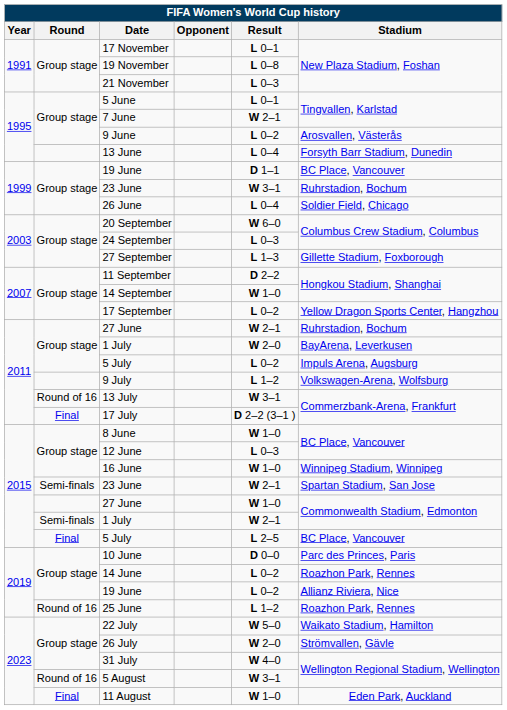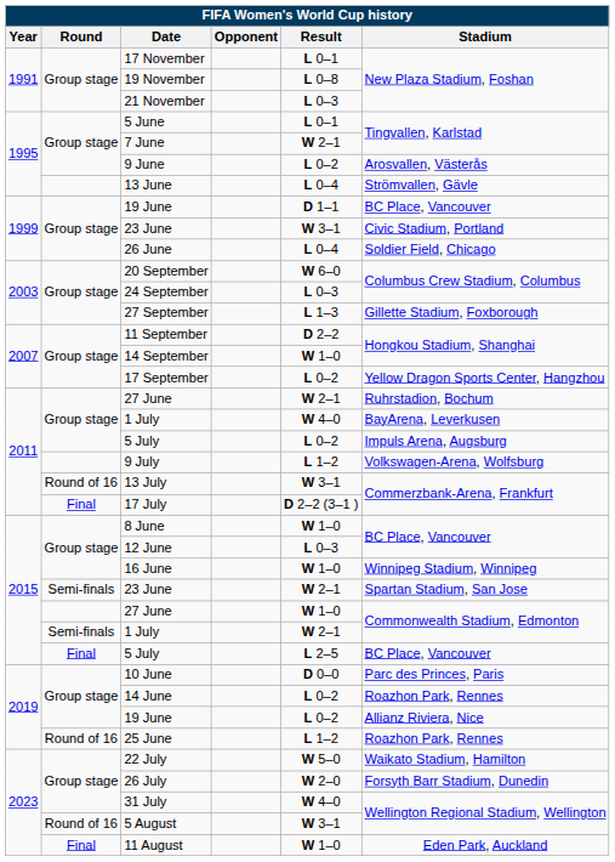 <table class="wikitable mw-collapsible" style="text-align: center;font-size:100%;">
 <tr>
 <th colspan=6 style="background: #013A5E; color: #FFFFFF;">FIFA Women's World Cup history</th>
 </tr>
 <tr>
 <th>Year</th>
 <th>Round</th>
 <th>Date</th>
 <th>Opponent</th>
 <th>Result</th>
 <th>Stadium</th>
 </tr>
 <tr>
 <td rowspan=3> <a href='#'>1991</a></td>
 <td rowspan=3>Group stage</td>
 <td align="left">17 November</td>
 <td align="left"></td>
 <td><strong>L</strong> 0–1</td>
 <td rowspan=3 align="left"><a href='#'>New Plaza Stadium</a>, <a href='#'>Foshan</a></td>
 </tr>
 <tr>
 <td align="left">19 November</td>
 <td align="left"></td>
 <td><strong>L</strong> 0–8</td>
 </tr>
 <tr>
 <td align="left">21 November</td>
 <td align="left"></td>
 <td><strong>L</strong> 0–3</td>
 </tr>
 <tr>
 <td rowspan=4> <a href='#'>1995</a></td>
 <td rowspan=3>Group stage</td>
 <td align="left">5 June</td>
 <td align="left"></td>
 <td><strong>L</strong> 0–1</td>
 <td rowspan=2 align="left"><a href='#'>Tingvallen</a>, <a href='#'>Karlstad</a></td>
 </tr>
 <tr>
 <td align="left">7 June</td>
 <td align="left"></td>
 <td><strong>W</strong> 2–1</td>
 </tr>
 <tr>
 <td align="left">9 June</td>
 <td align="left"></td>
 <td><strong>L</strong> 0–2</td>
 <td align="left"><a href='#'>Arosvallen</a>, <a href='#'>Västerås</a></td>
 </tr>
 <tr>
 <td></td>
 <td align="left">13 June</td>
 <td align="left"></td>
 <td><strong>L</strong> 0–4</td>
-<td align="left"><a href='#'>Forsyth Barr Stadium</a>, <a href='#'>Dunedin</a></td>
+<td align="left"><a href='#'>Strömvallen</a>, <a href='#'>Gävle</a></td>
 </tr>
 <tr>
 <td rowspan=3> <a href='#'>1999</a></td>
 <td rowspan=3>Group stage</td>
 <td align="left">19 June</td>
 <td align="left"></td>
 <td><strong>D</strong> 1–1</td>
 <td align="left"><a href='#'>BC Place</a>, <a href='#'>Vancouver</a></td>
 </tr>
 <tr>
 <td align="left">23 June</td>
 <td align="left"></td>
 <td><strong>W</strong> 3–1</td>
-<td align="left"><a href='#'>Ruhrstadion</a>, <a href='#'>Bochum</a></td>
+<td align="left"><a href='#'>Civic Stadium</a>, <a href='#'>Portland</a></td>
 </tr>
 <tr>
 <td align="left">26 June</td>
 <td align="left"></td>
 <td><strong>L</strong> 0–4</td>
 <td align="left"><a href='#'>Soldier Field</a>, <a href='#'>Chicago</a></td>
 </tr>
 <tr>
 <td rowspan=3> <a href='#'>2003</a></td>
 <td rowspan=3>Group stage</td>
 <td align="left">20 September</td>
 <td align="left"></td>
 <td><strong>W</strong> 6–0</td>
 <td rowspan=2 align="left"><a href='#'>Columbus Crew Stadium</a>, <a href='#'>Columbus</a></td>
 </tr>
 <tr>
 <td align="left">24 September</td>
 <td align="left"></td>
 <td><strong>L</strong> 0–3</td>
 </tr>
 <tr>
 <td align="left">27 September</td>
 <td align="left"></td>
 <td><strong>L</strong> 1–3</td>
 <td align="left"><a href='#'>Gillette Stadium</a>, <a href='#'>Foxborough</a></td>
 </tr>
 <tr>
 <td rowspan=3> <a href='#'>2007</a></td>
 <td rowspan=3>Group stage</td>
 <td align="left">11 September</td>
 <td align="left"></td>
 <td><strong>D</strong> 2–2</td>
 <td rowspan=2 align="left"><a href='#'>Hongkou Stadium</a>, <a href='#'>Shanghai</a></td>
 </tr>
 <tr>
 <td align="left">14 September</td>
 <td align="left"></td>
 <td><strong>W</strong> 1–0</td>
 </tr>
 <tr>
 <td align="left">17 September</td>
 <td align="left"></td>
 <td><strong>L</strong> 0–2</td>
 <td align="left"><a href='#'>Yellow Dragon Sports Center</a>, <a href='#'>Hangzhou</a></td>
 </tr>
 <tr>
 <td rowspan=6> <a href='#'>2011</a></td>
 <td rowspan=3>Group stage</td>
 <td align="left">27 June</td>
 <td align="left"></td>
 <td><strong>W</strong> 2–1</td>
 <td align="left"><a href='#'>Ruhrstadion</a>, <a href='#'>Bochum</a></td>
 </tr>
 <tr>
 <td align="left">1 July</td>
 <td align="left"></td>
-<td><strong>W</strong> 2–0</td>
+<td><strong>W</strong> 4–0</td>
 <td align="left"><a href='#'>BayArena</a>, <a href='#'>Leverkusen</a></td>
 </tr>
 <tr>
 <td align="left">5 July</td>
 <td align="left"></td>
 <td><strong>L</strong> 0–2</td>
 <td align="left"><a href='#'>Impuls Arena</a>, <a href='#'>Augsburg</a></td>
 </tr>
 <tr>
 <td></td>
 <td align="left">9 July</td>
 <td align="left"></td>
 <td><strong>L</strong> 1–2</td>
 <td align="left"><a href='#'>Volkswagen-Arena</a>, <a href='#'>Wolfsburg</a></td>
 </tr>
 <tr>
 <td>Round of 16</td>
 <td align="left">13 July</td>
 <td align="left"></td>
 <td><strong>W</strong> 3–1</td>
 <td rowspan=2 align="left"><a href='#'>Commerzbank-Arena</a>, <a href='#'>Frankfurt</a></td>
 </tr>
 <tr>
 <td><a href='#'>Final</a></td>
 <td align="left">17 July</td>
 <td align="left"></td>
 <td><strong>D</strong> 2–2 (3–1 )</td>
 </tr>
 <tr>
 <td rowspan=7> <a href='#'>2015</a></td>
 <td rowspan=3>Group stage</td>
 <td align="left">8 June</td>
 <td align="left"></td>
 <td><strong>W</strong> 1–0</td>
 <td rowspan=2 align="left"><a href='#'>BC Place</a>, <a href='#'>Vancouver</a></td>
 </tr>
 <tr>
 <td align="left">12 June</td>
 <td align="left"></td>
 <td><strong>L</strong> 0–3</td>
 </tr>
 <tr>
 <td align="left">16 June</td>
 <td align="left"></td>
 <td><strong>W</strong> 1–0</td>
 <td align="left"><a href='#'>Winnipeg Stadium</a>, <a href='#'>Winnipeg</a></td>
 </tr>
 <tr>
 <td>Semi-finals</td>
 <td align="left">23 June</td>
 <td align="left"></td>
 <td><strong>W</strong> 2–1</td>
 <td align="left"><a href='#'>Spartan Stadium</a>, <a href='#'>San Jose</a></td>
 </tr>
 <tr>
 <td></td>
 <td align="left">27 June</td>
 <td align="left"></td>
 <td><strong>W</strong> 1–0</td>
 <td rowspan=2 align="left"><a href='#'>Commonwealth Stadium</a>, <a href='#'>Edmonton</a></td>
 </tr>
 <tr>
 <td>Semi-finals</td>
 <td align="left">1 July</td>
 <td align="left"></td>
 <td><strong>W</strong> 2–1</td>
 </tr>
 <tr>
 <td><a href='#'>Final</a></td>
 <td align="left">5 July</td>
 <td align="left"></td>
 <td><strong>L</strong> 2–5</td>
 <td align="left"><a href='#'>BC Place</a>, <a href='#'>Vancouver</a></td>
 </tr>
 <tr>
 <td rowspan=4> <a href='#'>2019</a></td>
 <td rowspan=3>Group stage</td>
 <td align="left">10 June</td>
 <td align="left"></td>
 <td><strong>D</strong> 0–0</td>
 <td align="left"><a href='#'>Parc des Princes</a>, <a href='#'>Paris</a></td>
 </tr>
 <tr>
 <td align="left">14 June</td>
 <td align="left"></td>
 <td><strong>L</strong> 0–2</td>
 <td align="left"><a href='#'>Roazhon Park</a>, <a href='#'>Rennes</a></td>
 </tr>
 <tr>
 <td align="left">19 June</td>
 <td align="left"></td>
 <td><strong>L</strong> 0–2</td>
 <td align="left"><a href='#'>Allianz Riviera</a>, <a href='#'>Nice</a></td>
 </tr>
 <tr>
 <td>Round of 16</td>
 <td align="left">25 June</td>
 <td align="left"></td>
 <td><strong>L</strong> 1–2</td>
 <td align="left"><a href='#'>Roazhon Park</a>, <a href='#'>Rennes</a></td>
 </tr>
 <tr>
 <td rowspan=5>  <a href='#'>2023</a></td>
 <td rowspan=3>Group stage</td>
 <td align="left">22 July</td>
 <td align="left"></td>
 <td><strong>W</strong> 5–0</td>
 <td align="left"><a href='#'>Waikato Stadium</a>, <a href='#'>Hamilton</a></td>
 </tr>
 <tr>
 <td align="left">26 July</td>
 <td align="left"></td>
 <td><strong>W</strong> 2–0</td>
-<td align="left"><a href='#'>Strömvallen</a>, <a href='#'>Gävle</a></td>
+<td align="left"><a href='#'>Forsyth Barr Stadium</a>, <a href='#'>Dunedin</a></td>
 </tr>
 <tr>
 <td align="left">31 July</td>
 <td align="left"></td>
 <td><strong>W</strong> 4–0</td>
 <td rowspan=2 align="left"><a href='#'>Wellington Regional Stadium</a>, <a href='#'>Wellington</a></td>
 </tr>
 <tr>
 <td>Round of 16</td>
 <td align="left">5 August</td>
 <td align="left"></td>
 <td><strong>W</strong> 3–1</td>
 </tr>
 <tr>
 <td><a href='#'>Final</a></td>
 <td align="left">11 August</td>
 <td align="left"></td>
 <td><strong>W</strong> 1–0</td>
 <td><a href='#'>Eden Park</a>, <a href='#'>Auckland</a></td>
 </tr>
 </table>
